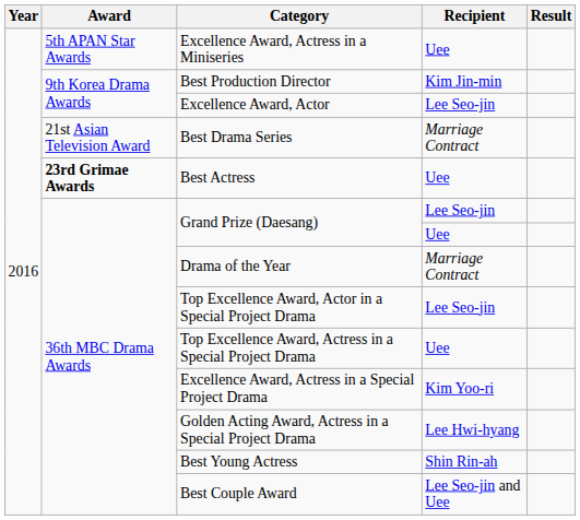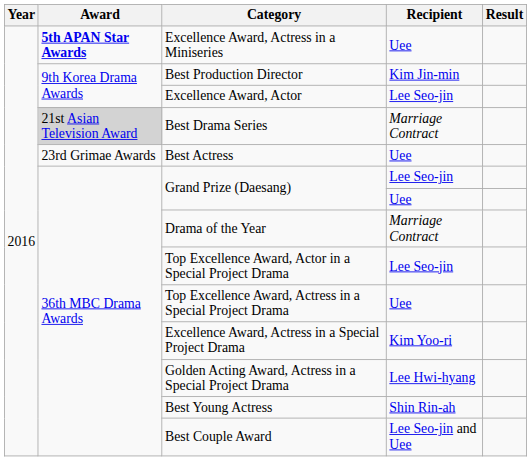 <table class="wikitable">
 <tr>
 <th>Year</th>
 <th>Award</th>
 <th>Category</th>
 <th>Recipient</th>
 <th>Result</th>
 </tr>
 <tr>
 <td rowspan=15>2016</td>
-<td><a href='#'>5th APAN Star Awards</a></td>
+<td><strong><a href='#'>5th APAN Star Awards</a></strong></td>
 <td>Excellence Award, Actress in a Miniseries</td>
 <td><a href='#'>Uee</a></td>
 <td></td>
 </tr>
 <tr>
 <td rowspan=2><a href='#'>9th Korea Drama Awards</a></td>
 <td>Best Production Director</td>
 <td><a href='#'>Kim Jin-min</a></td>
 <td></td>
 </tr>
 <tr>
 <td>Excellence Award, Actor</td>
 <td><a href='#'>Lee Seo-jin</a></td>
 <td></td>
 </tr>
 <tr>
-<td>21st <a href='#'>Asian Television Award</a></td>
+<td style="background: lightgrey;">21st <a href='#'>Asian Television Award</a></td>
 <td>Best Drama Series</td>
 <td><em>Marriage Contract</em></td>
 <td></td>
 </tr>
 <tr>
-<td><strong>23rd Grimae Awards</strong></td>
+<td>23rd Grimae Awards</td>
 <td>Best Actress</td>
 <td><a href='#'>Uee</a></td>
 <td></td>
 </tr>
 <tr>
 <td rowspan=9><a href='#'>36th MBC Drama Awards</a></td>
 <td rowspan=2>Grand Prize (Daesang)</td>
 <td><a href='#'>Lee Seo-jin</a></td>
 <td></td>
 </tr>
 <tr>
 <td><a href='#'>Uee</a></td>
 <td></td>
 </tr>
 <tr>
 <td>Drama of the Year</td>
 <td><em>Marriage Contract</em></td>
 <td></td>
 </tr>
 <tr>
 <td>Top Excellence Award, Actor in a Special Project Drama</td>
 <td><a href='#'>Lee Seo-jin</a></td>
 <td></td>
 </tr>
 <tr>
 <td>Top Excellence Award, Actress in a Special Project Drama</td>
 <td><a href='#'>Uee</a></td>
 <td></td>
 </tr>
 <tr>
 <td>Excellence Award, Actress in a Special Project Drama</td>
 <td><a href='#'>Kim Yoo-ri</a></td>
 <td></td>
 </tr>
 <tr>
 <td>Golden Acting Award, Actress in a Special Project Drama</td>
 <td><a href='#'>Lee Hwi-hyang</a></td>
 <td></td>
 </tr>
 <tr>
 <td>Best Young Actress</td>
 <td><a href='#'>Shin Rin-ah</a></td>
 <td></td>
 </tr>
 <tr>
 <td>Best Couple Award</td>
 <td><a href='#'>Lee Seo-jin</a> and <a href='#'>Uee</a></td>
 <td></td>
 </tr>
 </table>
